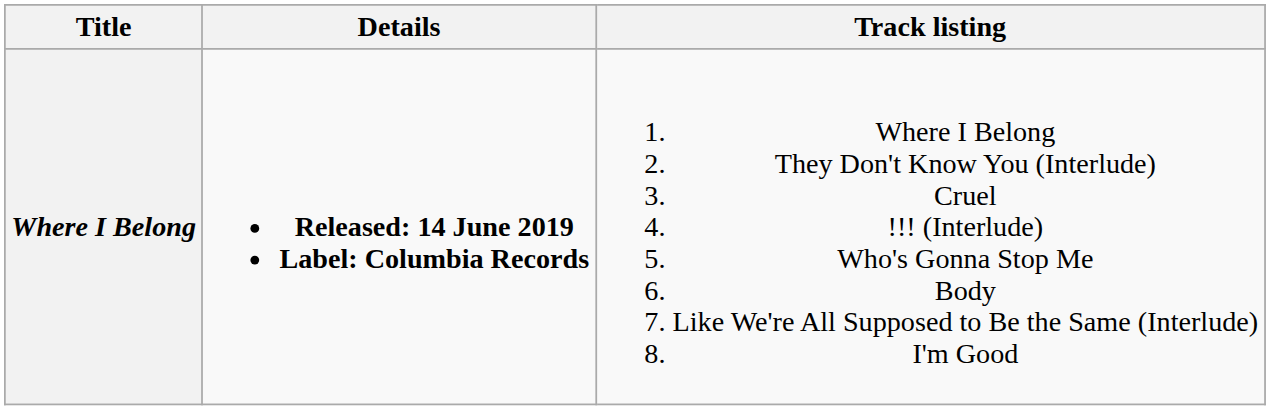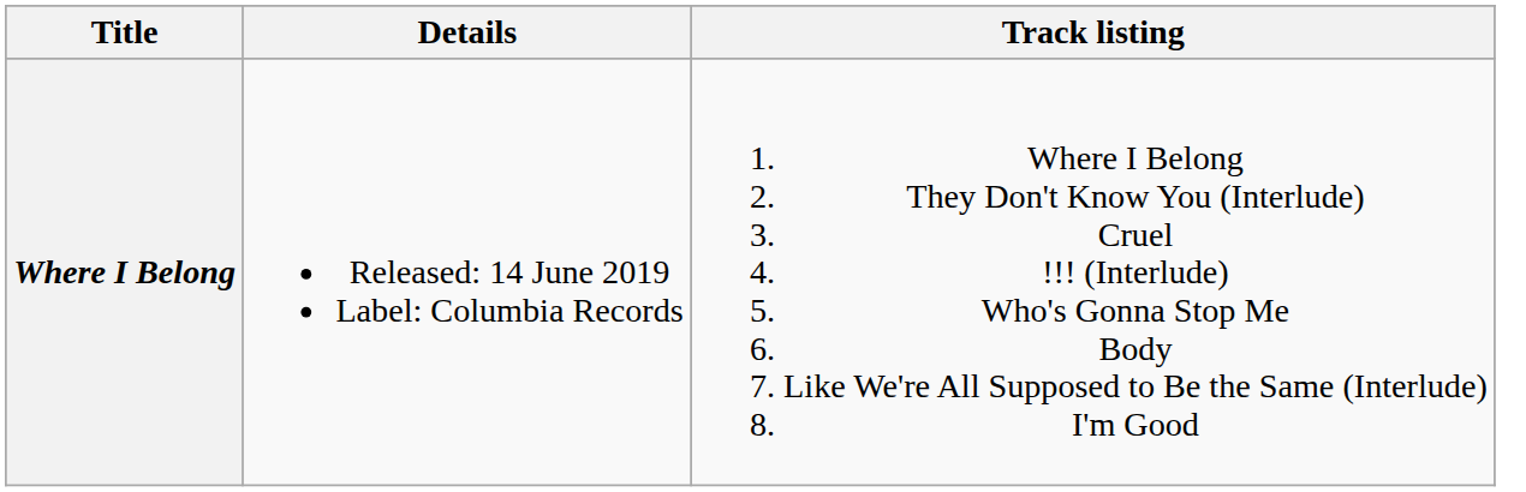 <table class="wikitable plainrowheaders" style="text-align:center;" border="1">
 <tr>
 <th>Title</th>
 <th>Details</th>
 <th>Track listing</th>
 </tr>
 <tr>
 <th scope="row"><em>Where I Belong</em></th>
-<td><strong><br><ul><li>Released: 14 June 2019</li><li>Label: Columbia Records</li></ul></strong></td>
+<td><br><ul><li>Released: 14 June 2019</li><li>Label: Columbia Records</li></ul></td>
 <td><br><ol><li>Where I Belong</li><li>They Don't Know You (Interlude)</li><li>Cruel</li><li>!!! (Interlude)</li><li>Who's Gonna Stop Me</li><li>Body</li><li>Like We're All Supposed to Be the Same (Interlude)</li><li>I'm Good</li></ol></td>
 </tr>
 </table>
